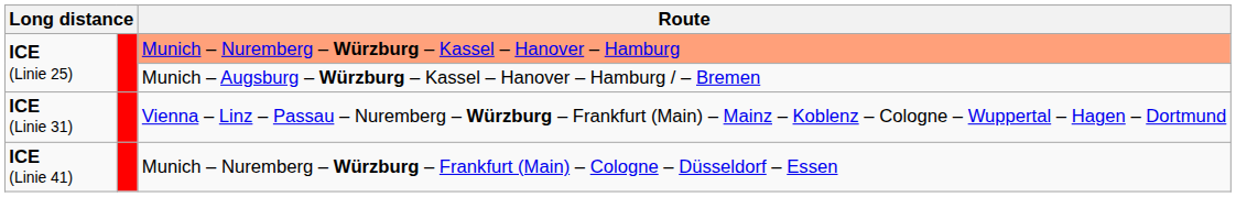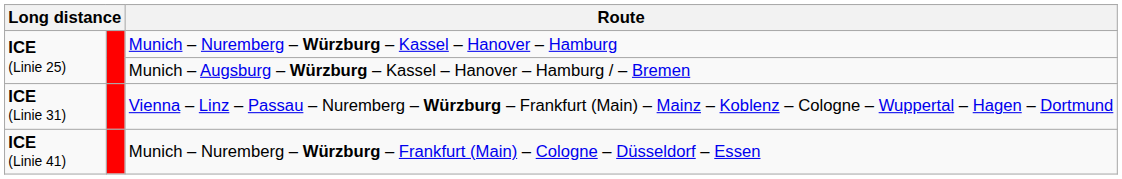 <table class="wikitable">
 <tr style="background:#e3e3e3;">
 <th colspan="2">Long distance</th>
 <th>Route</th>
 </tr>
 <tr>
 <td rowspan="2"><strong>ICE</strong><br><small>(Linie 25)</small></td>
 <td rowspan="2" style="background-color:#FF0000;"> </td>
-<td style="background: lightsalmon;"><a href='#'>Munich</a> – <a href='#'>Nuremberg</a> – <strong>Würzburg</strong> – <a href='#'>Kassel</a> – <a href='#'>Hanover</a> – <a href='#'>Hamburg</a></td>
+<td><a href='#'>Munich</a> – <a href='#'>Nuremberg</a> – <strong>Würzburg</strong> – <a href='#'>Kassel</a> – <a href='#'>Hanover</a> – <a href='#'>Hamburg</a></td>
 </tr>
 <tr>
 <td>Munich – <a href='#'>Augsburg</a> – <strong>Würzburg</strong> – Kassel – Hanover – Hamburg / – <a href='#'>Bremen</a></td>
 </tr>
 <tr>
 <td><strong>ICE</strong> <br><small>(Linie 31)</small></td>
 <td style="background-color:#FF0000;"> </td>
 <td><a href='#'>Vienna</a> – <a href='#'>Linz</a> – <a href='#'>Passau</a> – Nuremberg – <strong>Würzburg</strong> – Frankfurt (Main) – <a href='#'>Mainz</a> – <a href='#'>Koblenz</a> – Cologne – <a href='#'>Wuppertal</a> – <a href='#'>Hagen</a> – <a href='#'>Dortmund</a></td>
 </tr>
 <tr>
 <td><strong>ICE</strong><br><small>(Linie 41)</small></td>
 <td style="background-color:#FF0000;"> </td>
 <td>Munich – Nuremberg – <strong>Würzburg</strong> – <a href='#'>Frankfurt (Main)</a> – <a href='#'>Cologne</a> – <a href='#'>Düsseldorf</a> – <a href='#'>Essen</a></td>
 </tr>
 </table>
